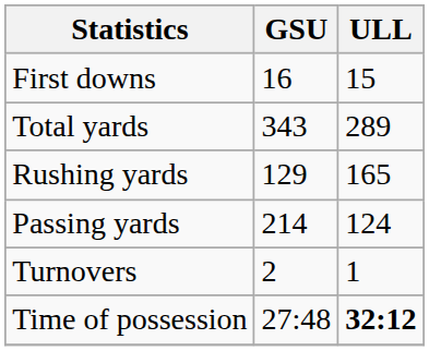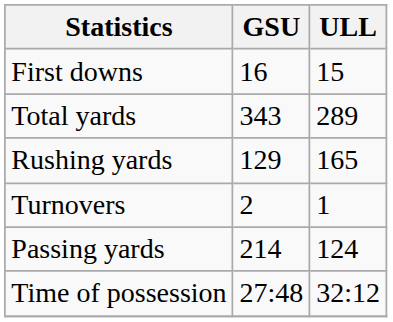 <table class="wikitable" style="float: left;">
 <tr>
 <th>Statistics</th>
 <th>GSU</th>
 <th>ULL</th>
 </tr>
 <tr>
 <td>First downs</td>
 <td>16</td>
 <td>15</td>
 </tr>
 <tr>
 <td>Total yards</td>
 <td>343</td>
 <td>289</td>
 </tr>
 <tr>
 <td>Rushing yards</td>
 <td>129</td>
 <td>165</td>
 </tr>
 <tr>
+<td>Turnovers</td>
+<td>2</td>
+<td>1</td>
+</tr>
+<tr>
 <td>Passing yards</td>
 <td>214</td>
 <td>124</td>
 </tr>
 <tr>
-<td>Turnovers</td>
-<td>2</td>
-<td>1</td>
-</tr>
-<tr>
 <td>Time of possession</td>
 <td>27:48</td>
-<td><strong>32:12</strong></td>
+<td>32:12</td>
 </tr>
 <tr>
 </tr>
 </table>
